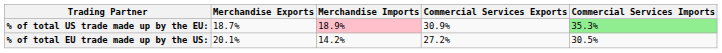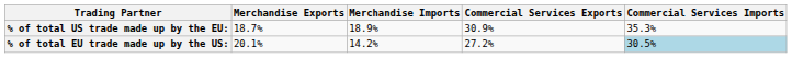 <table class="wikitable">
 <tr>
 <th>Trading Partner</th>
 <th>Merchandise Exports</th>
 <th>Merchandise Imports</th>
 <th>Commercial Services Exports</th>
 <th>Commercial Services Imports</th>
 </tr>
 <tr>
 <th><strong>% of total US trade made up by the EU:</strong></th>
 <td>18.7%</td>
-<td style="background: pink;">18.9%</td>
+<td>18.9%</td>
 <td>30.9%</td>
-<td style="background: lightgreen;">35.3%</td>
+<td>35.3%</td>
 </tr>
 <tr>
 <th><strong>% of total EU trade made up by the US:</strong></th>
 <td>20.1%</td>
 <td>14.2%</td>
 <td>27.2%</td>
-<td>30.5%</td>
+<td style="background: lightblue;">30.5%</td>
 </tr>
 </table>
